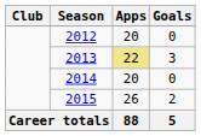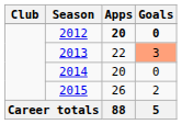 <table class="wikitable" style="text-align: center;">
 <tr>
 <th>Club</th>
 <th>Season</th>
 <th>Apps</th>
 <th>Goals</th>
 </tr>
 <tr>
 </tr>
 <tr>
 <td rowspan="4" !!><a href='#'></a></td>
 <td><a href='#'>2012</a></td>
-<td>20</td>
-<td>0</td>
+<td><strong>20</strong></td>
+<td><strong>0</strong></td>
 </tr>
 <tr>
 <td><a href='#'>2013</a></td>
-<td style="background: khaki;">22</td>
-<td>3</td>
+<td>22</td>
+<td style="background: lightsalmon;">3</td>
 </tr>
 <tr>
 <td><a href='#'>2014</a></td>
 <td>20</td>
 <td>0</td>
 </tr>
 <tr>
 <td><a href='#'>2015</a></td>
 <td>26</td>
 <td>2</td>
 </tr>
 <tr>
 <th colspan="2">Career totals</th>
 <th>88</th>
 <th>5</th>
 </tr>
 </table>
